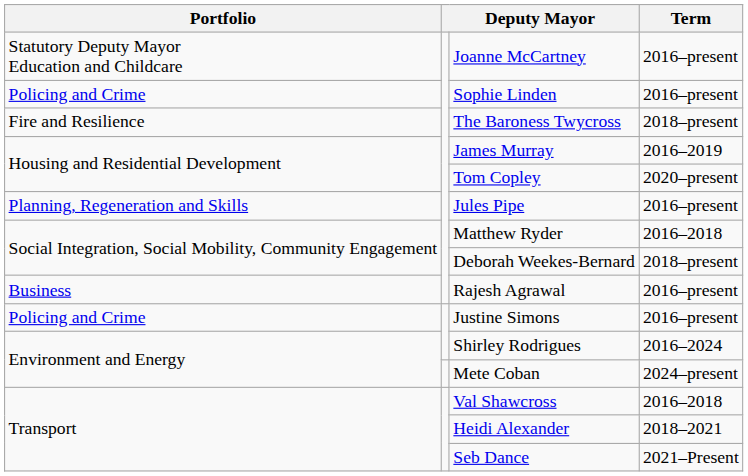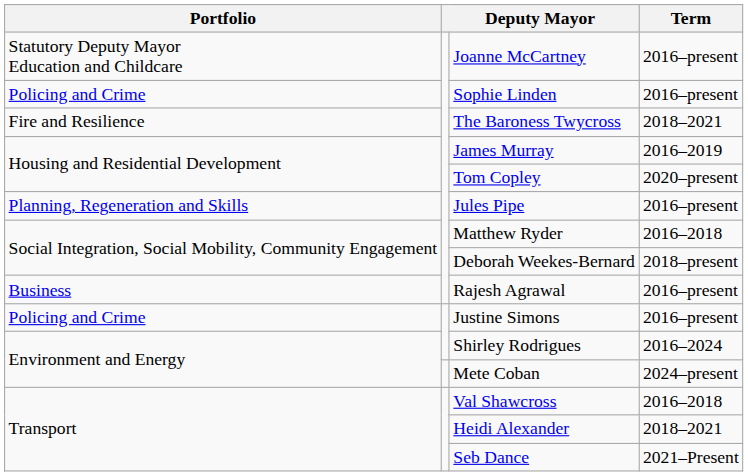 <table class="wikitable mw-collapsible">
 <tr>
 <th>Portfolio</th>
 <th colspan=2>Deputy Mayor</th>
 <th>Term</th>
 </tr>
 <tr>
 <td>Statutory Deputy Mayor<br>Education and Childcare</td>
 <td rowspan="9" style="background-color: "></td>
 <td><a href='#'>Joanne McCartney</a> </td>
 <td>2016–present</td>
 </tr>
 <tr>
 <td><a href='#'>Policing and Crime</a></td>
 <td><a href='#'>Sophie Linden</a></td>
 <td>2016–present</td>
 </tr>
 <tr>
 <td>Fire and Resilience</td>
 <td><a href='#'>The Baroness Twycross</a> </td>
-<td>2018–present</td>
+<td>2018–2021</td>
 </tr>
 <tr>
 <td rowspan="2">Housing and Residential Development</td>
 <td><a href='#'>James Murray</a></td>
 <td>2016–2019</td>
 </tr>
 <tr>
 <td><a href='#'>Tom Copley</a> </td>
 <td>2020–present</td>
 </tr>
 <tr>
 <td><a href='#'>Planning, Regeneration and Skills</a></td>
 <td><a href='#'>Jules Pipe</a></td>
 <td>2016–present</td>
 </tr>
 <tr>
 <td rowspan="2">Social Integration, Social Mobility, Community Engagement</td>
 <td>Matthew Ryder</td>
 <td>2016–2018</td>
 </tr>
 <tr>
 <td>Deborah Weekes-Bernard</td>
 <td>2018–present</td>
 </tr>
 <tr>
 <td><a href='#'>Business</a></td>
 <td>Rajesh Agrawal</td>
 <td>2016–present</td>
 </tr>
 <tr>
 <td><a href='#'>Policing and Crime</a></td>
 <td rowspan=2 style="background-color: "></td>
 <td>Justine Simons</td>
 <td>2016–present</td>
 </tr>
 <tr>
 <td rowspan=2>Environment and Energy</td>
 <td>Shirley Rodrigues</td>
 <td>2016–2024</td>
 </tr>
 <tr>
 <td style="background-color: "></td>
 <td>Mete Coban </td>
 <td>2024–present</td>
 </tr>
 <tr>
 <td rowspan=3>Transport</td>
 <td rowspan=3 style="background-color: "></td>
 <td><a href='#'>Val Shawcross</a></td>
 <td>2016–2018</td>
 </tr>
 <tr>
 <td><a href='#'>Heidi Alexander</a></td>
 <td>2018–2021</td>
 </tr>
 <tr>
 <td><a href='#'>Seb Dance</a></td>
 <td>2021–Present</td>
 </tr>
 </table>
